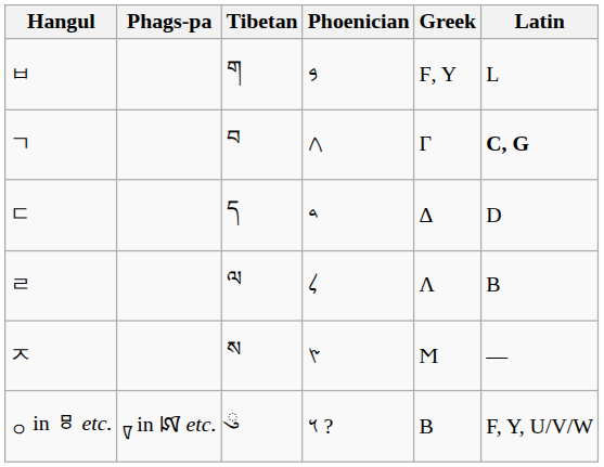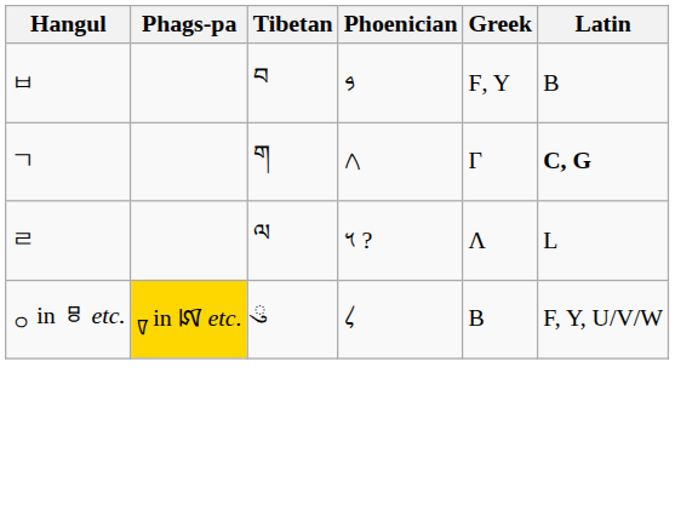 <table class=wikitable>
 <tr>
 <th>Hangul</th>
 <th>Phags-pa</th>
 <th>Tibetan</th>
 <th>Phoenician</th>
 <th>Greek</th>
 <th>Latin</th>
 </tr>
 <tr>
 <td>ㅂ</td>
 <td></td>
-<td>ག</td>
+<td>བ</td>
 <td>𐤁</td>
 <td>Ϝ, Υ</td>
-<td>L</td>
+<td>B</td>
 </tr>
 <tr>
 <td>ㄱ</td>
 <td></td>
-<td>བ</td>
+<td>ག</td>
 <td>𐤂</td>
 <td>Γ</td>
 <td><strong>C, G</strong></td>
 </tr>
 <tr>
-<td>ㄷ</td>
-<td></td>
-<td>ད</td>
-<td>𐤃</td>
-<td>Δ</td>
-<td>D</td>
-</tr>
-<tr>
 <td>ㄹ</td>
 <td></td>
 <td>ལ</td>
-<td>𐤋</td>
+<td>𐤅‎ ?</td>
 <td>Λ</td>
-<td>B</td>
-</tr>
-<tr>
-<td>ㅈ</td>
-<td></td>
-<td>ས</td>
-<td>𐤑</td>
-<td>Ϻ</td>
-<td>—</td>
+<td>L</td>
 </tr>
 <tr>
 <td><sub>ㅇ</sub> in ㅱ <em>etc.</em></td>
-<td><sub>ꡧ</sub> in ꡤ <em>etc.</em></td>
+<td style="background: gold;"><sub>ꡧ</sub> in ꡤ <em>etc.</em></td>
 <td>ུ</td>
-<td>𐤅‎ ?</td>
+<td>𐤋</td>
 <td>Β</td>
 <td>F, Y, U/V/W</td>
 </tr>
 </table>
